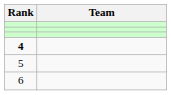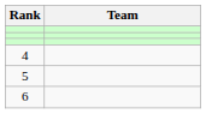 <table class="wikitable" style="text-align: center;">
 <tr>
 <th width=40>Rank</th>
 <th width=180>Team</th>
 </tr>
 <tr bgcolor=#CCFFCC>
 <td></td>
 <td style="text-align:left;"></td>
 </tr>
 <tr bgcolor=#CCFFCC>
 <td></td>
 <td style="text-align:left;"></td>
 </tr>
 <tr bgcolor=#CCFFCC>
 <td></td>
 <td style="text-align:left;"></td>
 </tr>
 <tr>
-<td><strong>4</strong></td>
+<td>4</td>
 <td style="text-align:left;"></td>
 </tr>
 <tr align=center>
 <td>5</td>
 <td style="text-align:left;"></td>
 </tr>
 <tr align=center>
 <td>6</td>
 <td style="text-align:left;"></td>
 </tr>
 </table>
